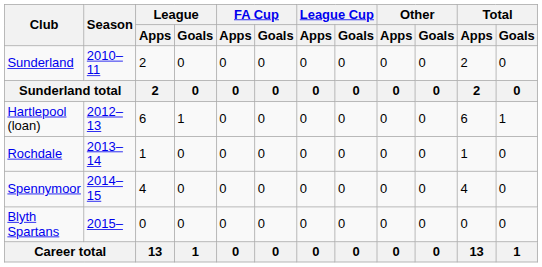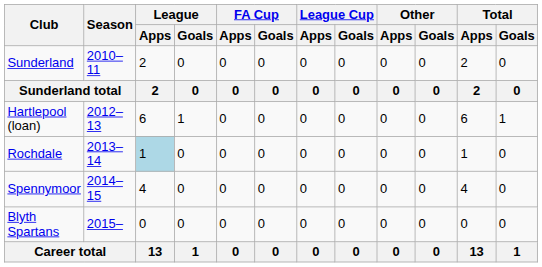 <table class="wikitable" style="text-align: centr;">
 <tr>
 <th rowspan="2">Club</th>
 <th rowspan="2">Season</th>
 <th colspan="2">League</th>
 <th colspan="2"><a href='#'>FA Cup</a></th>
 <th colspan="2"><a href='#'>League Cup</a></th>
 <th colspan="2">Other</th>
 <th colspan="2">Total</th>
 </tr>
 <tr>
 <th>Apps</th>
 <th>Goals</th>
 <th>Apps</th>
 <th>Goals</th>
 <th>Apps</th>
 <th>Goals</th>
 <th>Apps</th>
 <th>Goals</th>
 <th>Apps</th>
 <th>Goals</th>
 </tr>
 <tr>
 <td rowspan="1" valign="center"><a href='#'>Sunderland</a></td>
 <td><a href='#'>2010–11</a></td>
 <td>2</td>
 <td>0</td>
 <td>0</td>
 <td>0</td>
 <td>0</td>
 <td>0</td>
 <td>0</td>
 <td>0</td>
 <td>2</td>
 <td>0</td>
 </tr>
 <tr>
 <th colspan="2">Sunderland total</th>
 <th>2</th>
 <th>0</th>
 <th>0</th>
 <th>0</th>
 <th>0</th>
 <th>0</th>
 <th>0</th>
 <th>0</th>
 <th>2</th>
 <th>0</th>
 </tr>
 <tr>
 <td rowspan="1" valign="center"><a href='#'>Hartlepool</a> (loan)</td>
 <td><a href='#'>2012–13</a></td>
 <td>6</td>
 <td>1</td>
 <td>0</td>
 <td>0</td>
 <td>0</td>
 <td>0</td>
 <td>0</td>
 <td>0</td>
 <td>6</td>
 <td>1</td>
 </tr>
 <tr>
 <td rowspan="1" valign="center"><a href='#'>Rochdale</a></td>
 <td><a href='#'>2013–14</a></td>
-<td>1</td>
+<td style="background: lightblue;">1</td>
 <td>0</td>
 <td>0</td>
 <td>0</td>
 <td>0</td>
 <td>0</td>
 <td>0</td>
 <td>0</td>
 <td>1</td>
 <td>0</td>
 </tr>
 <tr>
 <td rowspan="1" valign="center"><a href='#'>Spennymoor</a></td>
 <td><a href='#'>2014–15</a></td>
 <td>4</td>
 <td>0</td>
 <td>0</td>
 <td>0</td>
 <td>0</td>
 <td>0</td>
 <td>0</td>
 <td>0</td>
 <td>4</td>
 <td>0</td>
 </tr>
 <tr>
 <td rowspan="1" valign="center"><a href='#'>Blyth Spartans</a></td>
 <td><a href='#'>2015–</a></td>
 <td>0</td>
 <td>0</td>
 <td>0</td>
 <td>0</td>
 <td>0</td>
 <td>0</td>
 <td>0</td>
 <td>0</td>
 <td>0</td>
 <td>0</td>
 </tr>
 <tr>
 <th colspan="2">Career total</th>
 <th>13</th>
 <th>1</th>
 <th>0</th>
 <th>0</th>
 <th>0</th>
 <th>0</th>
 <th>0</th>
 <th>0</th>
 <th>13</th>
 <th>1</th>
 </tr>
 </table>
